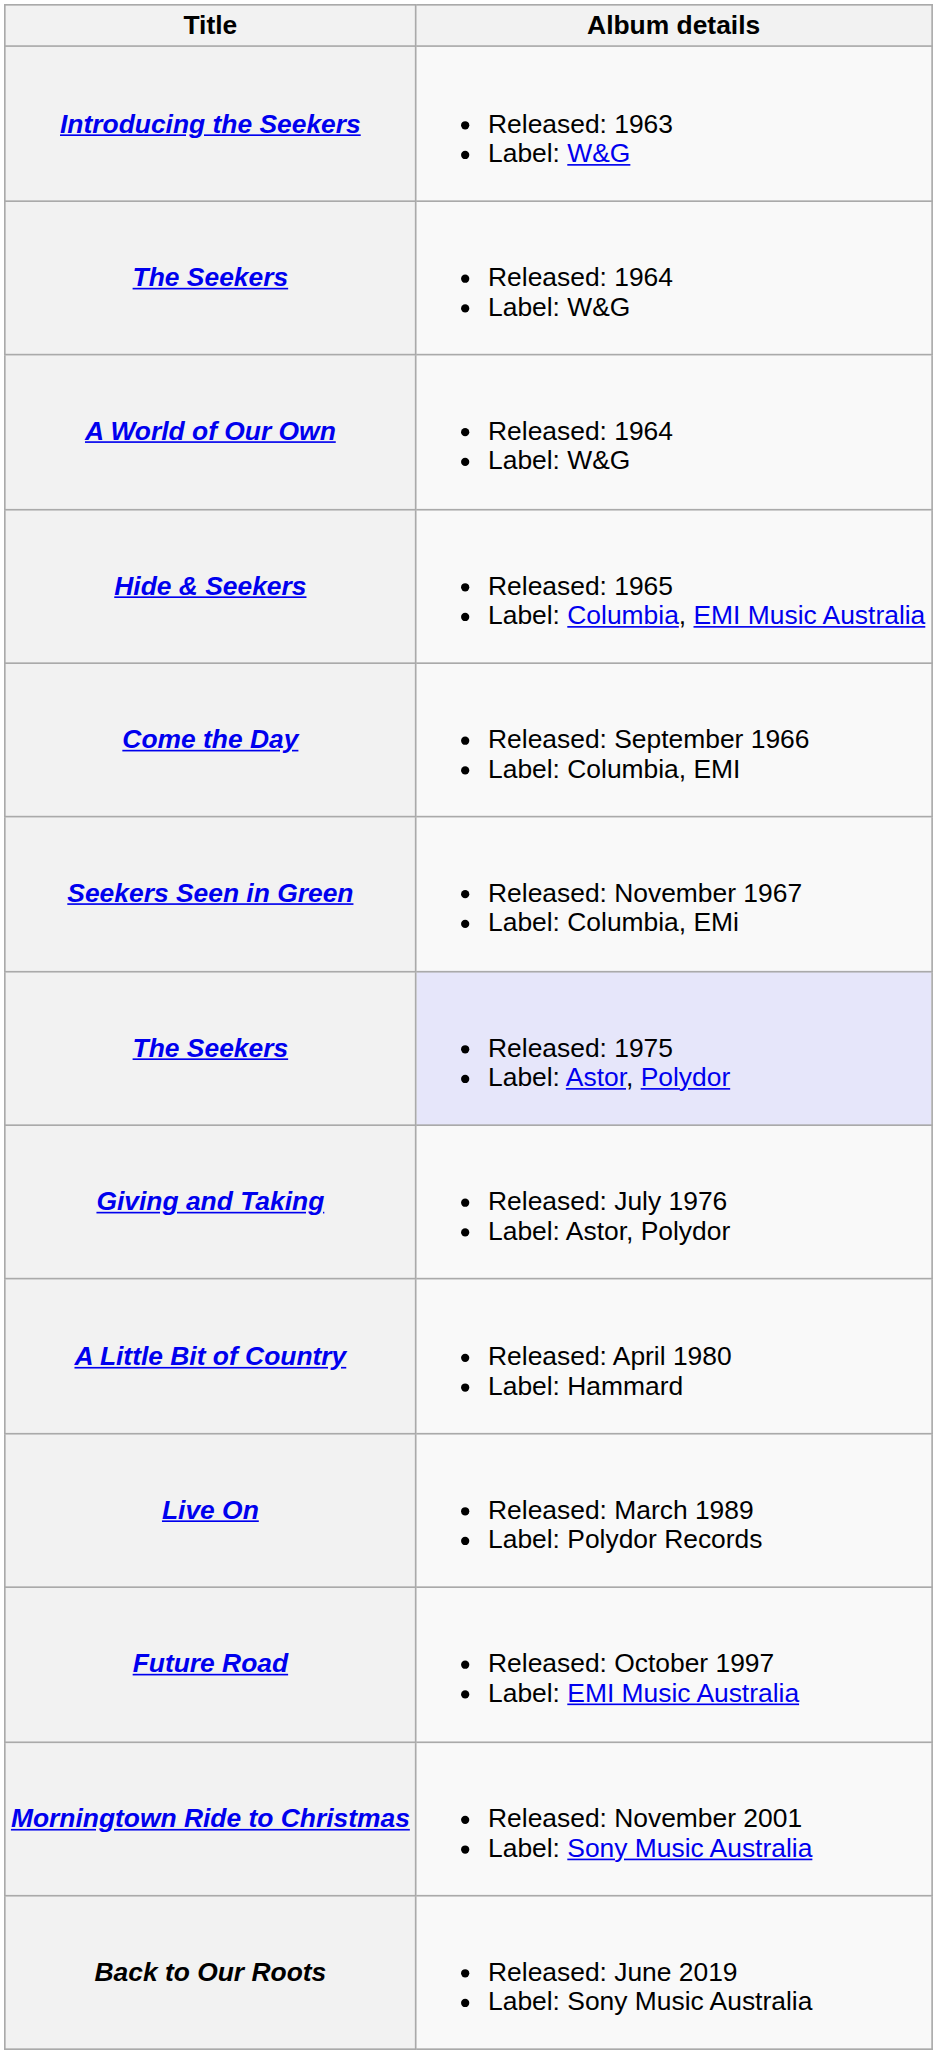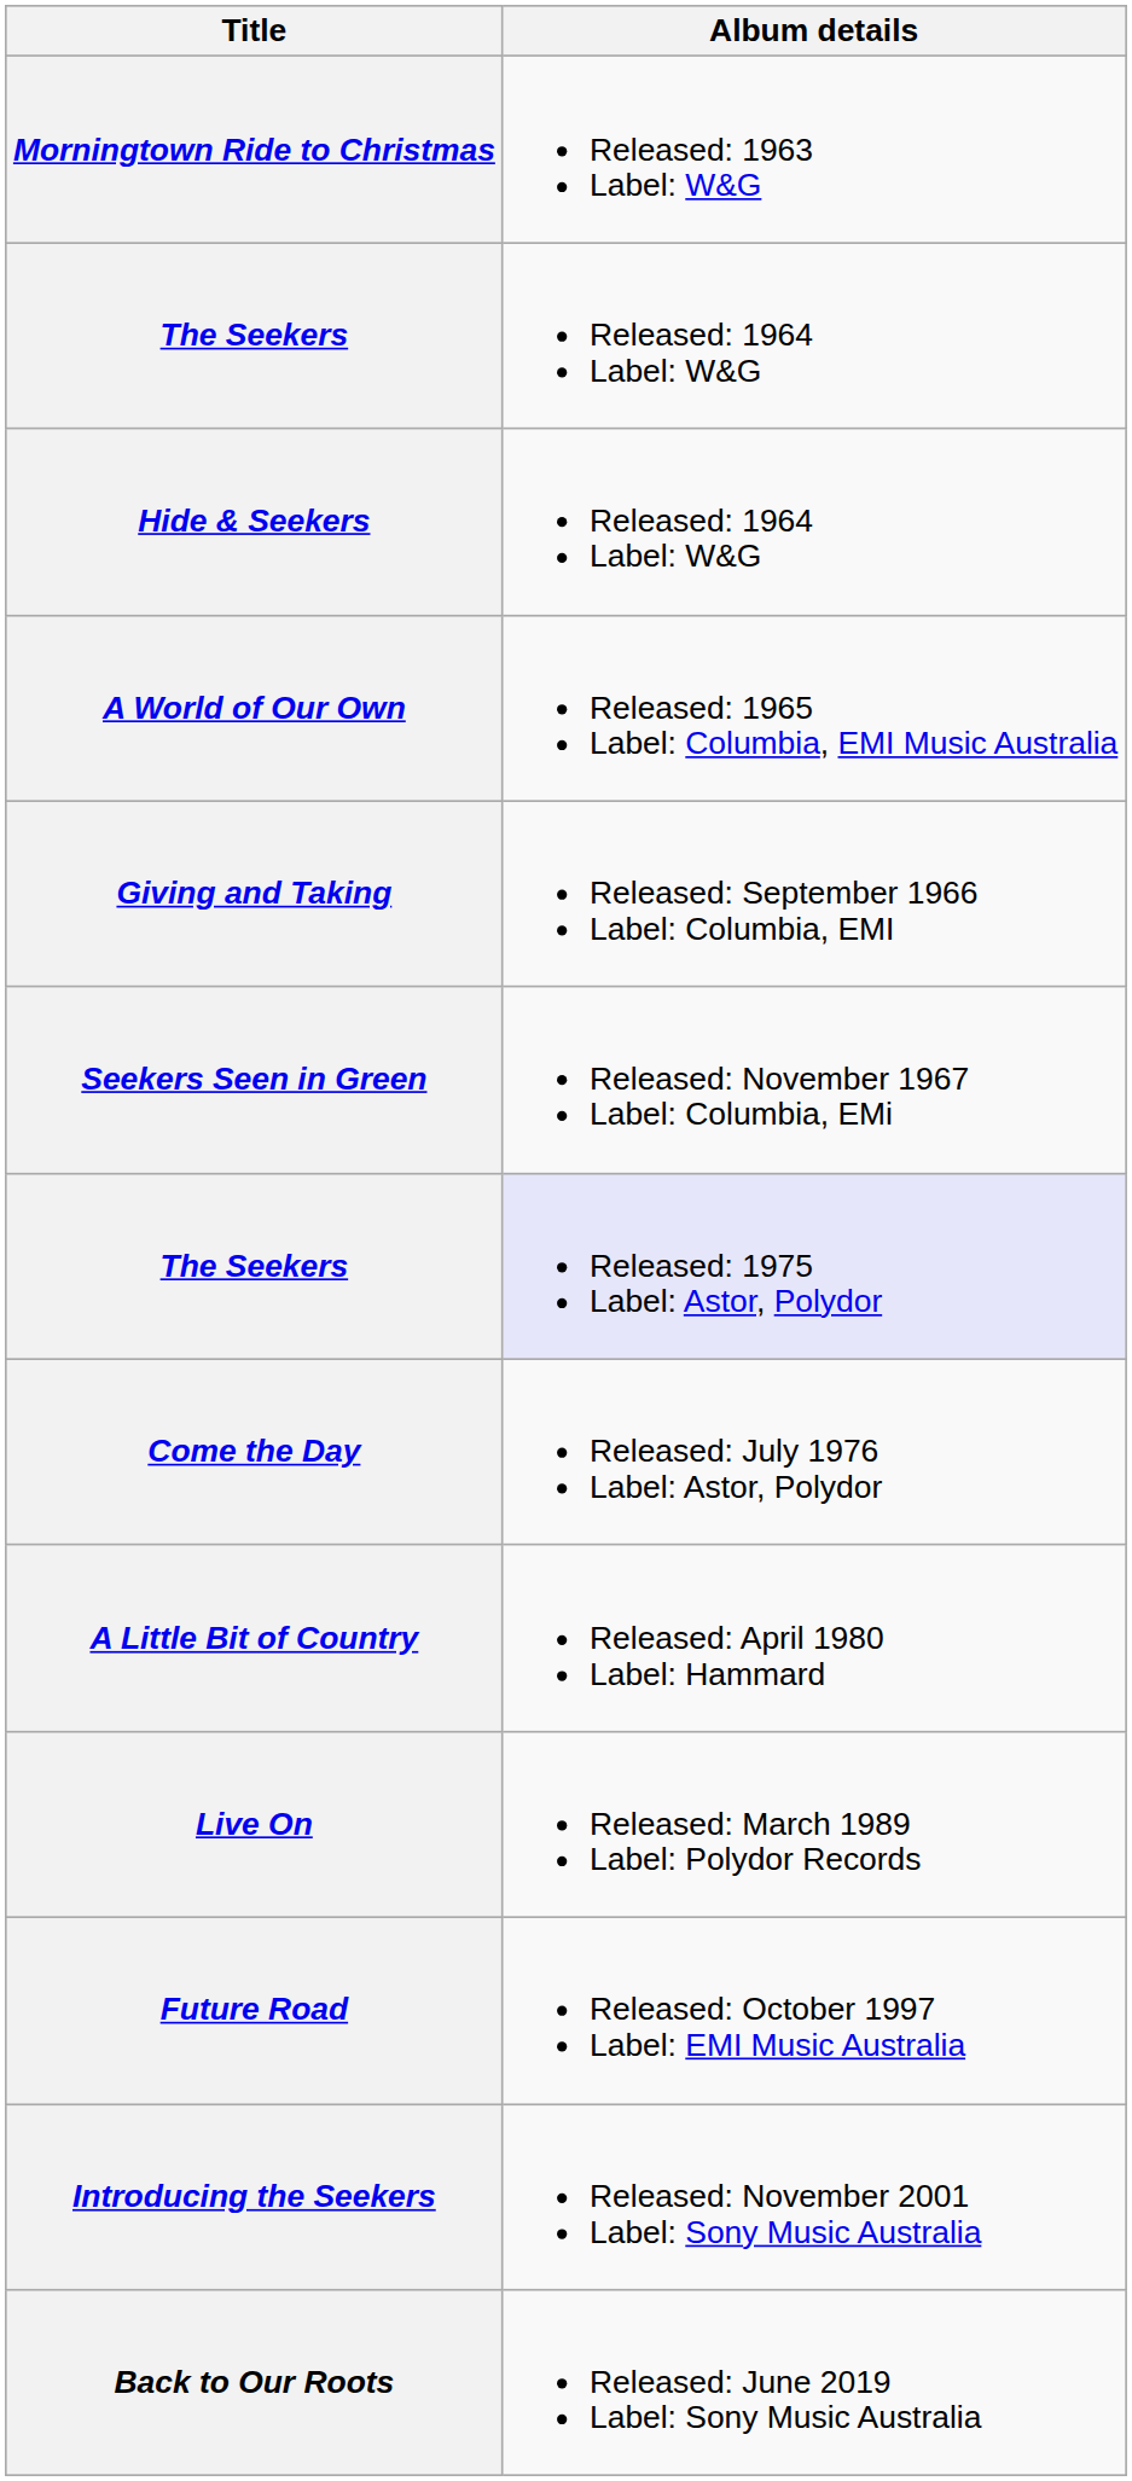 <table class="wikitable">
 <tr>
 <th>Title</th>
 <th>Album details</th>
 </tr>
 <tr>
-<th><em><a href='#'>Introducing the Seekers</a></em></th>
+<th><em><a href='#'>Morningtown Ride to Christmas</a></em></th>
 <td><br><ul><li>Released: 1963</li><li>Label: <a href='#'>W&G</a></li></ul></td>
 </tr>
 <tr>
 <th><em><a href='#'>The Seekers</a></em></th>
 <td><br><ul><li>Released: 1964</li><li>Label: W&G</li></ul></td>
 </tr>
 <tr>
-<th><em><a href='#'>A World of Our Own</a></em></th>
+<th><em><a href='#'>Hide & Seekers</a></em></th>
 <td><br><ul><li>Released: 1964</li><li>Label: W&G</li></ul></td>
 </tr>
 <tr>
-<th><em><a href='#'>Hide & Seekers</a></em></th>
+<th><em><a href='#'>A World of Our Own</a></em></th>
 <td><br><ul><li>Released: 1965</li><li>Label: <a href='#'>Columbia</a>, <a href='#'>EMI Music Australia</a></li></ul></td>
 </tr>
 <tr>
-<th><em><a href='#'>Come the Day</a></em></th>
+<th><em><a href='#'>Giving and Taking</a></em></th>
 <td><br><ul><li>Released: September 1966</li><li>Label: Columbia, EMI</li></ul></td>
 </tr>
 <tr>
 <th><em><a href='#'>Seekers Seen in Green</a></em></th>
 <td><br><ul><li>Released: November 1967</li><li>Label: Columbia, EMi</li></ul></td>
 </tr>
 <tr>
 <th><em><a href='#'>The Seekers</a></em></th>
 <td style="background: lavender;"><br><ul><li>Released: 1975</li><li>Label: <a href='#'>Astor</a>, <a href='#'>Polydor</a></li></ul></td>
 </tr>
 <tr>
-<th><em><a href='#'>Giving and Taking</a></em></th>
+<th><em><a href='#'>Come the Day</a></em></th>
 <td><br><ul><li>Released: July 1976</li><li>Label: Astor, Polydor</li></ul></td>
 </tr>
 <tr>
 <th><em><a href='#'>A Little Bit of Country</a></em></th>
 <td><br><ul><li>Released: April 1980</li><li>Label: Hammard</li></ul></td>
 </tr>
 <tr>
 <th><em><a href='#'>Live On</a></em></th>
 <td><br><ul><li>Released: March 1989</li><li>Label: Polydor Records</li></ul></td>
 </tr>
 <tr>
 <th><em><a href='#'>Future Road</a></em></th>
 <td><br><ul><li>Released: October 1997</li><li>Label: <a href='#'>EMI Music Australia</a></li></ul></td>
 </tr>
 <tr>
-<th><em><a href='#'>Morningtown Ride to Christmas</a></em></th>
+<th><em><a href='#'>Introducing the Seekers</a></em></th>
 <td><br><ul><li>Released: November 2001</li><li>Label: <a href='#'>Sony Music Australia</a></li></ul></td>
 </tr>
 <tr>
 <th><em>Back to Our Roots</em></th>
 <td><br><ul><li>Released: June 2019</li><li>Label: Sony Music Australia</li></ul></td>
 </tr>
 </table>
